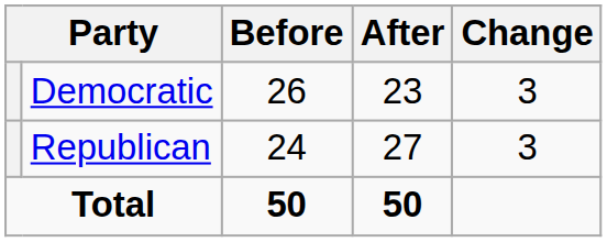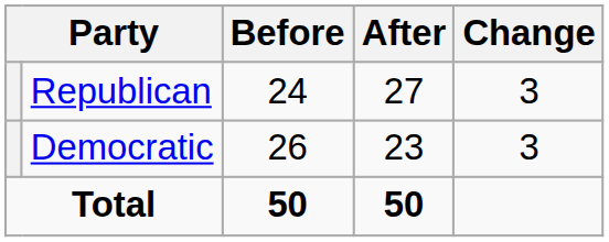 <table class="wikitable" style="text-align:center;">
 <tr>
 <th colspan="2">Party</th>
 <th>Before</th>
 <th>After</th>
 <th>Change</th>
 </tr>
 <tr>
 <th style="background-color:"></th>
-<td style="text-align:left;"><a href='#'>Democratic</a></td>
-<td>26</td>
-<td>23</td>
+<td style="text-align:left;"><a href='#'>Republican</a></td>
+<td>24</td>
+<td>27</td>
 <td> 3</td>
 </tr>
 <tr>
 <th style="background-color:"></th>
-<td style="text-align:left;"><a href='#'>Republican</a></td>
-<td>24</td>
-<td>27</td>
+<td style="text-align:left;"><a href='#'>Democratic</a></td>
+<td>26</td>
+<td>23</td>
 <td> 3</td>
 </tr>
 <tr>
 <td colspan="2"><strong>Total</strong></td>
 <td><strong>50</strong></td>
 <td><strong>50</strong></td>
 <td></td>
 </tr>
 </table>
